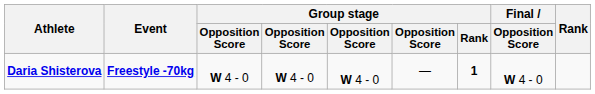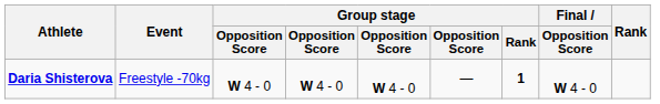 <table class="wikitable" style="font-size:90%">
 <tr>
 <th rowspan=2>Athlete</th>
 <th rowspan=2>Event</th>
 <th colspan=5>Group stage</th>
 <th>Final / </th>
 <th rowspan=2>Rank</th>
 </tr>
 <tr style="font-size:95%">
 <th>Opposition<br>Score</th>
 <th>Opposition<br>Score</th>
 <th>Opposition<br>Score</th>
 <th>Opposition<br>Score</th>
 <th>Rank</th>
 <th>Opposition<br>Score</th>
 </tr>
 <tr align=center>
 <td align=left><strong><a href='#'>Daria Shisterova</a></strong></td>
-<td align=left><strong><a href='#'>Freestyle -70kg</a></strong></td>
+<td align=left><a href='#'>Freestyle -70kg</a></td>
 <td><br><strong>W</strong> 4 - 0</td>
 <td><br><strong>W</strong> 4 - 0</td>
 <td><br><strong>W</strong> 4 - 0 <sup></sup></td>
 <td>—</td>
 <td><strong>1</strong></td>
 <td><br><strong>W</strong> 4 - 0 <sup></sup></td>
 <td></td>
 </tr>
 </table>
